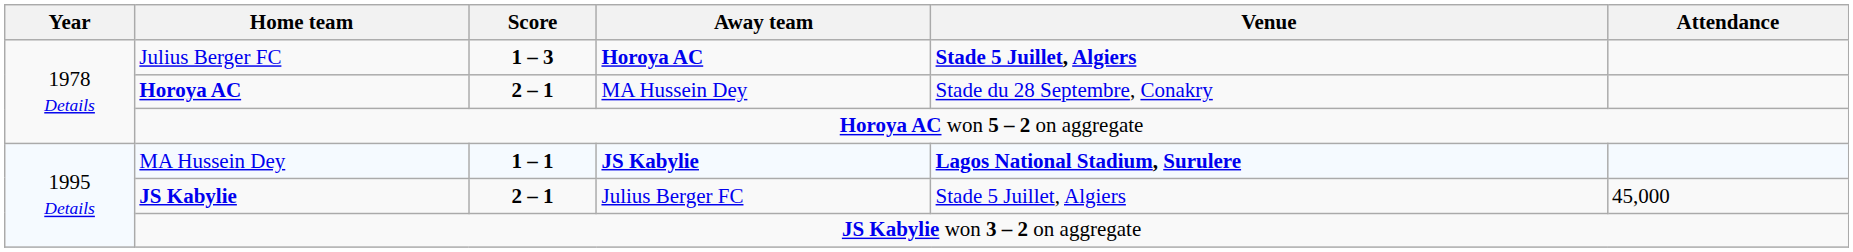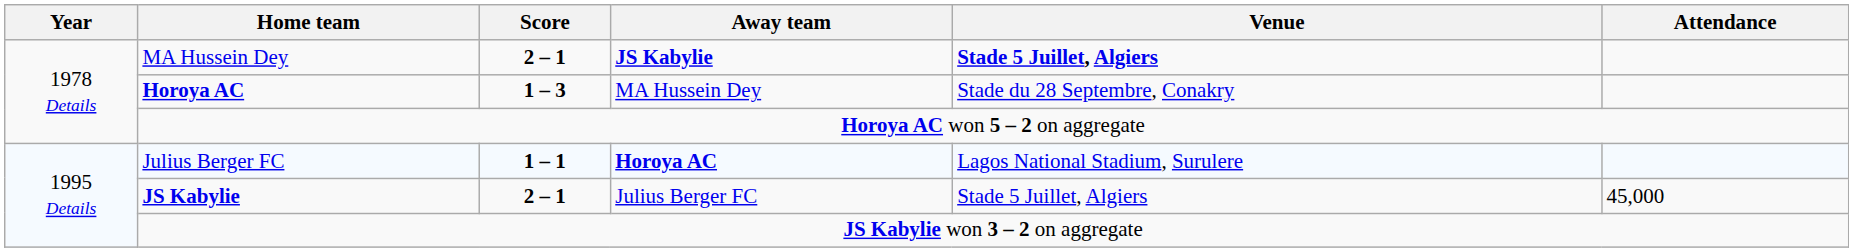 <table class="wikitable" width="100%" style="font-size:90%;">
 <tr>
 <th>Year</th>
 <th>Home team</th>
 <th>Score</th>
 <th>Away team</th>
 <th>Venue</th>
 <th>Attendance</th>
 </tr>
 <tr>
 <td align=center rowspan=3>1978<br><small><em><a href='#'>Details</a></em></small></td>
-<td> <a href='#'>Julius Berger FC</a></td>
-<td align=center><strong>1 – 3</strong></td>
-<td> <strong><a href='#'>Horoya AC</a></strong></td>
+<td> <a href='#'>MA Hussein Dey</a></td>
+<td align=center><strong>2 – 1</strong></td>
+<td> <strong><a href='#'>JS Kabylie</a></strong></td>
 <td><strong><a href='#'>Stade 5 Juillet</a>, <a href='#'>Algiers</a></strong></td>
 <td></td>
 </tr>
 <tr>
 <td> <strong><a href='#'>Horoya AC</a></strong></td>
-<td align=center><strong>2 – 1</strong></td>
+<td align=center><strong>1 – 3</strong></td>
 <td> <a href='#'>MA Hussein Dey</a></td>
 <td><a href='#'>Stade du 28 Septembre</a>, <a href='#'>Conakry</a></td>
 <td></td>
 </tr>
 <tr align=center>
 <td colspan=5><strong><a href='#'>Horoya AC</a></strong> won <strong>5 – 2</strong> on aggregate</td>
 </tr>
 <tr bgcolor=#F5FAFF>
 <td align=center rowspan=3>1995<br><small><em><a href='#'>Details</a></em></small></td>
-<td> <a href='#'>MA Hussein Dey</a></td>
+<td> <a href='#'>Julius Berger FC</a></td>
 <td align=center><strong>1 – 1</strong></td>
-<td> <strong><a href='#'>JS Kabylie</a></strong></td>
-<td><strong><a href='#'>Lagos National Stadium</a>, <a href='#'>Surulere</a></strong></td>
+<td> <strong><a href='#'>Horoya AC</a></strong></td>
+<td><a href='#'>Lagos National Stadium</a>, <a href='#'>Surulere</a></td>
 <td></td>
 </tr>
 <tr>
 <td> <strong><a href='#'>JS Kabylie</a></strong></td>
 <td align=center><strong>2 – 1</strong></td>
 <td> <a href='#'>Julius Berger FC</a></td>
 <td><a href='#'>Stade 5 Juillet</a>, <a href='#'>Algiers</a></td>
 <td>45,000</td>
 </tr>
 <tr align=center>
 <td colspan=5><strong><a href='#'>JS Kabylie</a></strong> won <strong>3 – 2</strong> on aggregate</td>
 </tr>
 </table>
